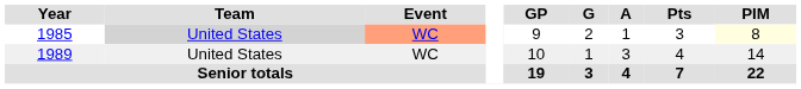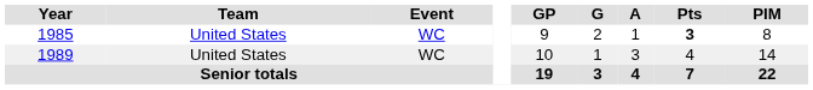 <table border="0" cellpadding="1" cellspacing="0" style="text-align:center; width:50em">
 <tr ALIGN="center" bgcolor="#e0e0e0">
 <th>Year</th>
 <th>Team</th>
 <th>Event</th>
 <th rowspan="99" bgcolor="#ffffff"> </th>
 <th>GP</th>
 <th>G</th>
 <th>A</th>
 <th>Pts</th>
 <th>PIM</th>
 </tr>
 <tr>
 <td><a href='#'>1985</a></td>
-<td style="background: lightgrey;"><a href='#'>United States</a></td>
-<td style="background: lightsalmon;"><a href='#'>WC</a></td>
+<td><a href='#'>United States</a></td>
+<td><a href='#'>WC</a></td>
 <td>9</td>
 <td>2</td>
 <td>1</td>
-<td>3</td>
-<td style="background: lightyellow;">8</td>
+<td><strong>3</strong></td>
+<td>8</td>
 </tr>
 <tr bgcolor="#f0f0f0">
 <td><a href='#'>1989</a></td>
 <td>United States</td>
 <td>WC</td>
 <td>10</td>
 <td>1</td>
 <td>3</td>
 <td>4</td>
 <td>14</td>
 </tr>
 <tr bgcolor="#e0e0e0">
 <th colspan=3>Senior totals</th>
 <th>19</th>
 <th>3</th>
 <th>4</th>
 <th>7</th>
 <th>22</th>
 </tr>
 </table>
